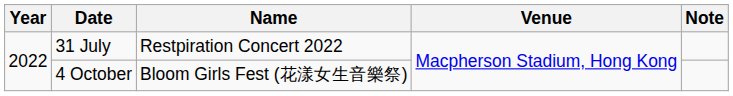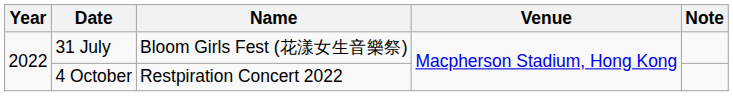 <table class="wikitable plainrowheaders">
 <tr>
 <th scope="col">Year</th>
 <th scope="col">Date</th>
 <th scope="col">Name</th>
 <th scope="col">Venue</th>
 <th scope="col">Note</th>
 </tr>
 <tr>
 <td rowspan="2">2022</td>
 <td>31 July</td>
-<td>Restpiration Concert 2022</td>
+<td>Bloom Girls Fest (花漾女生音樂祭)</td>
 <td rowspan="2"><a href='#'>Macpherson Stadium, Hong Kong</a></td>
 <td></td>
 </tr>
 <tr>
 <td>4 October</td>
-<td>Bloom Girls Fest (花漾女生音樂祭)</td>
+<td>Restpiration Concert 2022</td>
 <td></td>
 </tr>
 </table>
